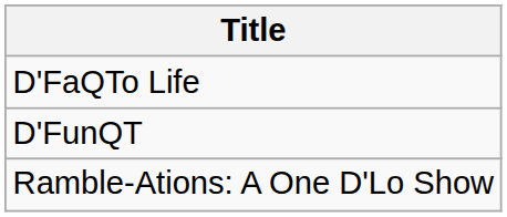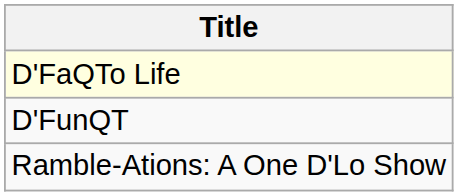 <table class="wikitable">
 <tr>
 <th>Title</th>
 </tr>
 <tr>
-<td>D'FaQTo Life</td>
+<td style="background: lightyellow;">D'FaQTo Life</td>
 </tr>
 <tr>
 <td>D'FunQT</td>
 </tr>
 <tr>
 <td>Ramble-Ations: A One D'Lo Show</td>
 </tr>
 </table>
